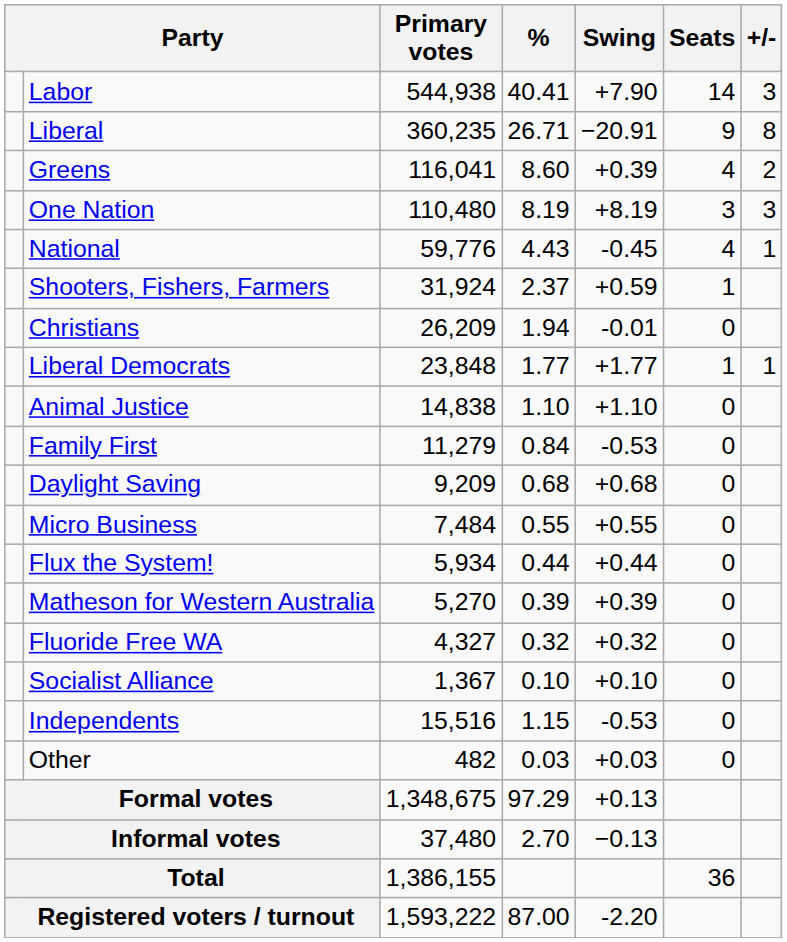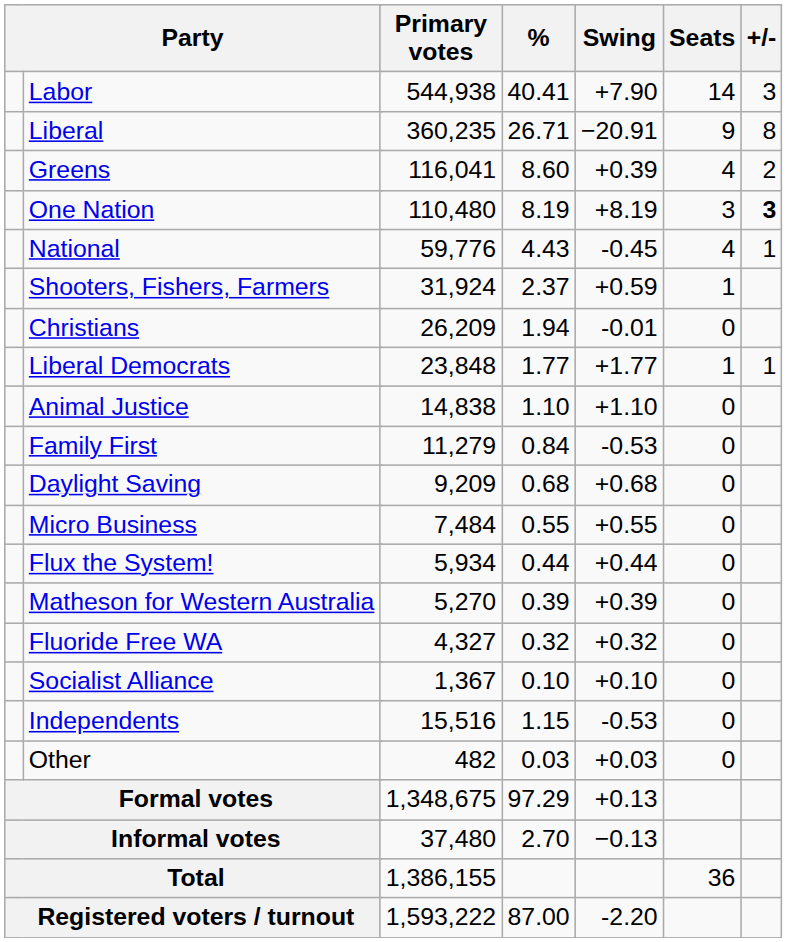 <table class="wikitable" style="text-align:right; margin-bottom:0">
 <tr>
 <th style="width:10px" colspan=3>Party</th>
 <th style="width:70px;">Primary votes</th>
 <th style="width:40px;">%</th>
 <th style="width:45px;">Swing</th>
 <th style="width:40px;">Seats</th>
 <th>+/-</th>
 </tr>
 <tr>
 <td> </td>
 <td style="text-align:left;" colspan="2"><a href='#'>Labor</a></td>
 <td>544,938</td>
 <td>40.41</td>
 <td>+7.90</td>
 <td>14</td>
 <td> 3</td>
 </tr>
 <tr>
 <td> </td>
 <td style="text-align:left;" colspan="2"><a href='#'>Liberal</a></td>
 <td>360,235</td>
 <td>26.71</td>
 <td>−20.91</td>
 <td>9</td>
 <td> 8</td>
 </tr>
 <tr>
 <td> </td>
 <td style="text-align:left;" colspan="2"><a href='#'>Greens</a></td>
 <td>116,041</td>
 <td>8.60</td>
 <td>+0.39</td>
 <td>4</td>
 <td> 2</td>
 </tr>
 <tr>
 <td> </td>
 <td style="text-align:left;" colspan="2"><a href='#'>One Nation</a></td>
 <td>110,480</td>
 <td>8.19</td>
 <td>+8.19</td>
 <td>3</td>
-<td> 3</td>
+<td><strong> 3</strong></td>
 </tr>
 <tr>
 <td> </td>
 <td style="text-align:left;" colspan="2"><a href='#'>National</a></td>
 <td>59,776</td>
 <td>4.43</td>
 <td>-0.45</td>
 <td>4</td>
 <td> 1</td>
 </tr>
 <tr>
 <td> </td>
 <td style="text-align:left;" colspan="2"><a href='#'>Shooters, Fishers, Farmers</a></td>
 <td>31,924</td>
 <td>2.37</td>
 <td>+0.59</td>
 <td>1</td>
 <td></td>
 </tr>
 <tr>
 <td> </td>
 <td style="text-align:left;" colspan="2"><a href='#'>Christians</a></td>
 <td>26,209</td>
 <td>1.94</td>
 <td>-0.01</td>
 <td>0</td>
 <td></td>
 </tr>
 <tr>
 <td> </td>
 <td style="text-align:left;" colspan="2"><a href='#'>Liberal Democrats</a></td>
 <td>23,848</td>
 <td>1.77</td>
 <td>+1.77</td>
 <td>1</td>
 <td> 1</td>
 </tr>
 <tr>
 <td> </td>
 <td style="text-align:left;" colspan="2"><a href='#'>Animal Justice</a></td>
 <td>14,838</td>
 <td>1.10</td>
 <td>+1.10</td>
 <td>0</td>
 <td></td>
 </tr>
 <tr>
 <td> </td>
 <td style="text-align:left;" colspan="2"><a href='#'>Family First</a></td>
 <td>11,279</td>
 <td>0.84</td>
 <td>-0.53</td>
 <td>0</td>
 <td></td>
 </tr>
 <tr>
 <td> </td>
 <td style="text-align:left;" colspan="2"><a href='#'>Daylight Saving</a></td>
 <td>9,209</td>
 <td>0.68</td>
 <td>+0.68</td>
 <td>0</td>
 <td></td>
 </tr>
 <tr>
 <td> </td>
 <td style="text-align:left;" colspan="2"><a href='#'>Micro Business</a></td>
 <td>7,484</td>
 <td>0.55</td>
 <td>+0.55</td>
 <td>0</td>
 <td></td>
 </tr>
 <tr>
 <td> </td>
 <td style="text-align:left;" colspan="2"><a href='#'>Flux the System!</a></td>
 <td>5,934</td>
 <td>0.44</td>
 <td>+0.44</td>
 <td>0</td>
 <td></td>
 </tr>
 <tr>
 <td> </td>
 <td style="text-align:left;" colspan="2"><a href='#'>Matheson for Western Australia</a></td>
 <td>5,270</td>
 <td>0.39</td>
 <td>+0.39</td>
 <td>0</td>
 <td></td>
 </tr>
 <tr>
 <td> </td>
 <td style="text-align:left;" colspan="2"><a href='#'>Fluoride Free WA</a></td>
 <td>4,327</td>
 <td>0.32</td>
 <td>+0.32</td>
 <td>0</td>
 <td></td>
 </tr>
 <tr>
 <td> </td>
 <td style="text-align:left;" colspan="2"><a href='#'>Socialist Alliance</a></td>
 <td>1,367</td>
 <td>0.10</td>
 <td>+0.10</td>
 <td>0</td>
 <td></td>
 </tr>
 <tr>
 <td> </td>
 <td style="text-align:left;" colspan="2"><a href='#'>Independents</a></td>
 <td>15,516</td>
 <td>1.15</td>
 <td>-0.53</td>
 <td>0</td>
 <td></td>
 </tr>
 <tr>
 <td> </td>
 <td style="text-align:left;" colspan="2">Other</td>
 <td>482</td>
 <td>0.03</td>
 <td>+0.03</td>
 <td>0</td>
 <td></td>
 </tr>
 <tr>
 <th colspan="3" rowspan="1"> Formal votes</th>
 <td>1,348,675</td>
 <td>97.29</td>
 <td>+0.13</td>
 <td></td>
 <td></td>
 </tr>
 <tr>
 <th colspan="3" rowspan="1"> Informal votes</th>
 <td>37,480</td>
 <td>2.70</td>
 <td>−0.13</td>
 <td></td>
 <td></td>
 </tr>
 <tr>
 <th colspan="3" rowspan="1"> <strong>Total</strong></th>
 <td>1,386,155</td>
 <td></td>
 <td></td>
 <td>36</td>
 <td></td>
 </tr>
 <tr>
 <th colspan="3" rowspan="1"> Registered voters / turnout</th>
 <td>1,593,222</td>
 <td>87.00</td>
 <td>-2.20</td>
 <td></td>
 <td></td>
 </tr>
 </table>
